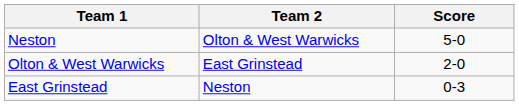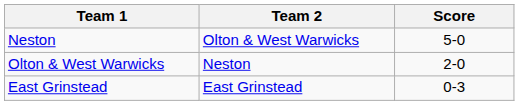 <table class="wikitable" style="font-size: 100%">
 <tr>
 <th width=200>Team 1</th>
 <th width=200>Team 2</th>
 <th width=120>Score</th>
 </tr>
 <tr>
 <td><a href='#'>Neston</a></td>
 <td><a href='#'>Olton & West Warwicks</a></td>
 <td align=center>5-0</td>
 </tr>
 <tr>
 <td><a href='#'>Olton & West Warwicks</a></td>
-<td><a href='#'>East Grinstead</a></td>
+<td><a href='#'>Neston</a></td>
 <td align=center>2-0</td>
 </tr>
 <tr>
 <td><a href='#'>East Grinstead</a></td>
-<td><a href='#'>Neston</a></td>
+<td><a href='#'>East Grinstead</a></td>
 <td align=center>0-3</td>
 </tr>
 </table>
